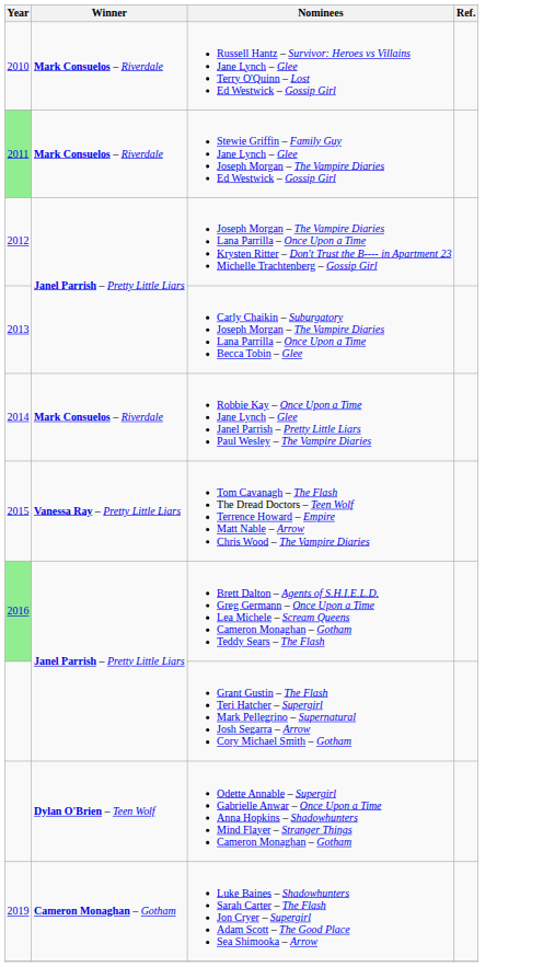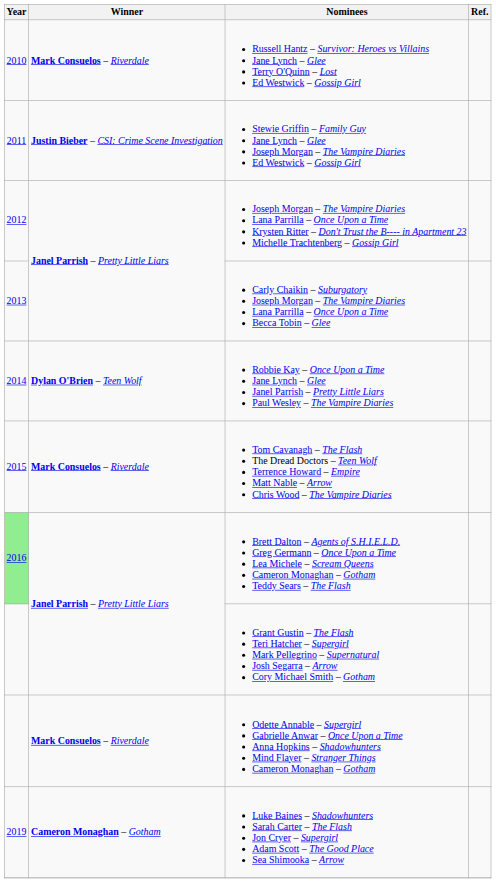 <table class="wikitable">
 <tr>
 <th>Year</th>
 <th>Winner</th>
 <th>Nominees</th>
 <th>Ref.</th>
 </tr>
 <tr>
 <td align="center"><a href='#'>2010</a></td>
 <td><strong><a href='#'>Mark Consuelos</a></strong> – <em><a href='#'>Riverdale</a></em></td>
 <td><br><ul><li><a href='#'>Russell Hantz</a> – <em><a href='#'>Survivor: Heroes vs Villains</a></em></li><li><a href='#'>Jane Lynch</a> – <em><a href='#'>Glee</a></em></li><li><a href='#'>Terry O'Quinn</a> – <em><a href='#'>Lost</a></em></li><li><a href='#'>Ed Westwick</a> – <em><a href='#'>Gossip Girl</a></em></li></ul></td>
 <td align="center"></td>
 </tr>
 <tr>
-<td align="center" style="background: lightgreen;"><a href='#'>2011</a></td>
-<td><strong><a href='#'>Mark Consuelos</a></strong> – <em><a href='#'>Riverdale</a></em></td>
+<td align="center"><a href='#'>2011</a></td>
+<td><strong><a href='#'>Justin Bieber</a></strong> – <em><a href='#'>CSI: Crime Scene Investigation</a></em></td>
 <td><br><ul><li><a href='#'>Stewie Griffin</a> – <em><a href='#'>Family Guy</a></em></li><li><a href='#'>Jane Lynch</a> – <em><a href='#'>Glee</a></em></li><li><a href='#'>Joseph Morgan</a> – <em><a href='#'>The Vampire Diaries</a></em></li><li><a href='#'>Ed Westwick</a> – <em><a href='#'>Gossip Girl</a></em></li></ul></td>
 <td align="center"></td>
 </tr>
 <tr>
 <td align="center"><a href='#'>2012</a></td>
 <td rowspan="2"><strong><a href='#'>Janel Parrish</a></strong> – <em><a href='#'>Pretty Little Liars</a></em></td>
 <td><br><ul><li><a href='#'>Joseph Morgan</a> – <em><a href='#'>The Vampire Diaries</a></em></li><li><a href='#'>Lana Parrilla</a> – <em><a href='#'>Once Upon a Time</a></em></li><li><a href='#'>Krysten Ritter</a> – <em><a href='#'>Don't Trust the B---- in Apartment 23</a></em></li><li><a href='#'>Michelle Trachtenberg</a> – <em><a href='#'>Gossip Girl</a></em></li></ul></td>
 <td align="center"></td>
 </tr>
 <tr>
 <td align="center"><a href='#'>2013</a></td>
 <td><br><ul><li><a href='#'>Carly Chaikin</a> – <em><a href='#'>Suburgatory</a></em></li><li><a href='#'>Joseph Morgan</a> – <em><a href='#'>The Vampire Diaries</a></em></li><li><a href='#'>Lana Parrilla</a> – <em><a href='#'>Once Upon a Time</a></em></li><li><a href='#'>Becca Tobin</a> – <em><a href='#'>Glee</a></em></li></ul></td>
 <td align="center"></td>
 </tr>
 <tr>
 <td align="center"><a href='#'>2014</a></td>
-<td><strong><a href='#'>Mark Consuelos</a></strong> – <em><a href='#'>Riverdale</a></em></td>
+<td><strong><a href='#'>Dylan O'Brien</a></strong> – <em><a href='#'>Teen Wolf</a></em></td>
 <td><br><ul><li><a href='#'>Robbie Kay</a> – <em><a href='#'>Once Upon a Time</a></em></li><li><a href='#'>Jane Lynch</a> – <em><a href='#'>Glee</a></em></li><li><a href='#'>Janel Parrish</a> – <em><a href='#'>Pretty Little Liars</a></em></li><li><a href='#'>Paul Wesley</a> – <em><a href='#'>The Vampire Diaries</a></em></li></ul></td>
 <td align="center"></td>
 </tr>
 <tr>
 <td align="center"><a href='#'>2015</a></td>
-<td><strong><a href='#'>Vanessa Ray</a></strong> – <em><a href='#'>Pretty Little Liars</a></em></td>
+<td><strong><a href='#'>Mark Consuelos</a></strong> – <em><a href='#'>Riverdale</a></em></td>
 <td><br><ul><li><a href='#'>Tom Cavanagh</a> – <em><a href='#'>The Flash</a></em></li><li>The Dread Doctors – <em><a href='#'>Teen Wolf</a></em></li><li><a href='#'>Terrence Howard</a> – <em><a href='#'>Empire</a></em></li><li><a href='#'>Matt Nable</a> – <em><a href='#'>Arrow</a></em></li><li><a href='#'>Chris Wood</a> – <em><a href='#'>The Vampire Diaries</a></em></li></ul></td>
 <td align="center"></td>
 </tr>
 <tr>
 <td align="center" style="background: lightgreen;"><a href='#'>2016</a></td>
 <td rowspan="2"><strong><a href='#'>Janel Parrish</a></strong> – <em><a href='#'>Pretty Little Liars</a></em></td>
 <td><br><ul><li><a href='#'>Brett Dalton</a> – <em><a href='#'>Agents of S.H.I.E.L.D.</a></em></li><li><a href='#'>Greg Germann</a> – <em><a href='#'>Once Upon a Time</a></em></li><li><a href='#'>Lea Michele</a> – <em><a href='#'>Scream Queens</a></em></li><li><a href='#'>Cameron Monaghan</a> – <em><a href='#'>Gotham</a></em></li><li><a href='#'>Teddy Sears</a> – <em><a href='#'>The Flash</a></em></li></ul></td>
 <td align="center"></td>
 </tr>
 <tr>
 <td></td>
 <td><br><ul><li><a href='#'>Grant Gustin</a> – <em><a href='#'>The Flash</a></em></li><li><a href='#'>Teri Hatcher</a> – <em><a href='#'>Supergirl</a></em></li><li><a href='#'>Mark Pellegrino</a> – <em><a href='#'>Supernatural</a></em></li><li><a href='#'>Josh Segarra</a> – <em><a href='#'>Arrow</a></em></li><li><a href='#'>Cory Michael Smith</a> – <em><a href='#'>Gotham</a></em></li></ul></td>
 <td></td>
 </tr>
 <tr>
 <td></td>
-<td><strong><a href='#'>Dylan O'Brien</a></strong> – <em><a href='#'>Teen Wolf</a></em></td>
+<td><strong><a href='#'>Mark Consuelos</a></strong> – <em><a href='#'>Riverdale</a></em></td>
 <td><br><ul><li><a href='#'>Odette Annable</a> – <em><a href='#'>Supergirl</a></em></li><li><a href='#'>Gabrielle Anwar</a> – <em><a href='#'>Once Upon a Time</a></em></li><li><a href='#'>Anna Hopkins</a> – <em><a href='#'>Shadowhunters</a></em></li><li><a href='#'>Mind Flayer</a> – <em><a href='#'>Stranger Things</a></em></li><li><a href='#'>Cameron Monaghan</a> – <em><a href='#'>Gotham</a></em></li></ul></td>
 <td></td>
 </tr>
 <tr>
 <td align="center"><a href='#'>2019</a></td>
 <td><strong><a href='#'>Cameron Monaghan</a></strong> – <em><a href='#'>Gotham</a></em></td>
 <td><br><ul><li><a href='#'>Luke Baines</a> – <em><a href='#'>Shadowhunters</a></em></li><li><a href='#'>Sarah Carter</a> – <em><a href='#'>The Flash</a></em></li><li><a href='#'>Jon Cryer</a> – <em><a href='#'>Supergirl</a></em></li><li><a href='#'>Adam Scott</a> – <em><a href='#'>The Good Place</a></em></li><li><a href='#'>Sea Shimooka</a> – <em><a href='#'>Arrow</a></em></li></ul></td>
 <td align="center"></td>
 </tr>
 <tr>
 </tr>
 </table>
